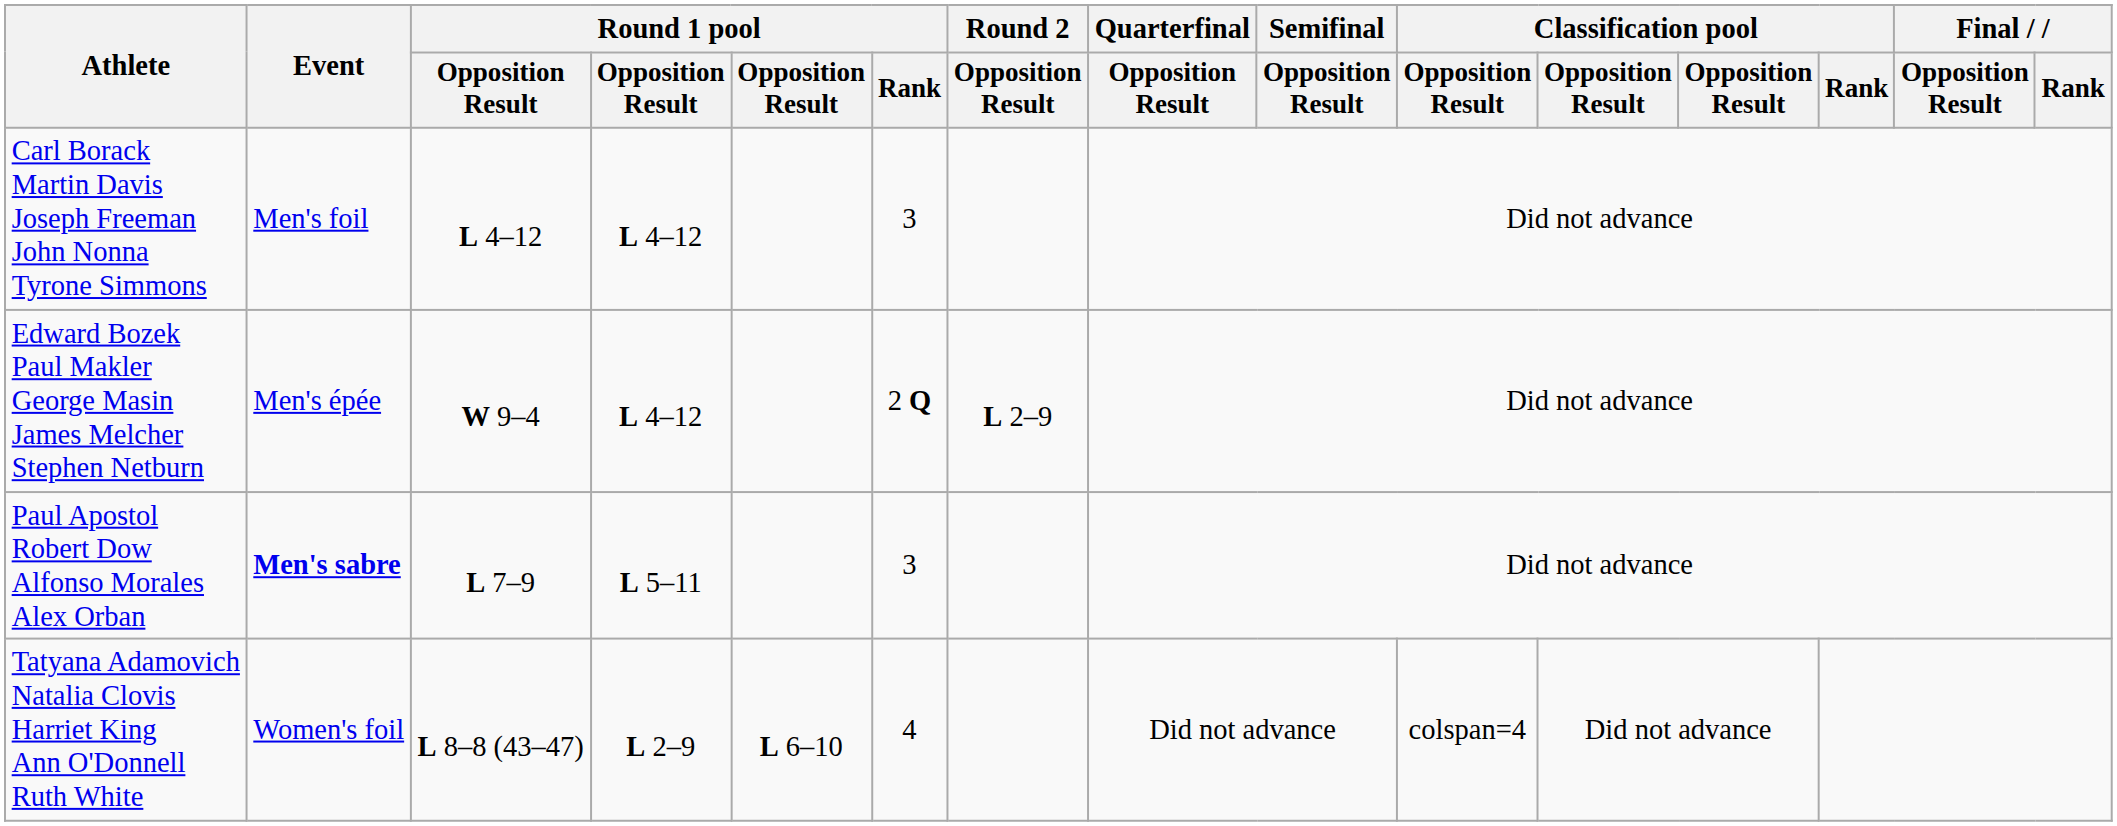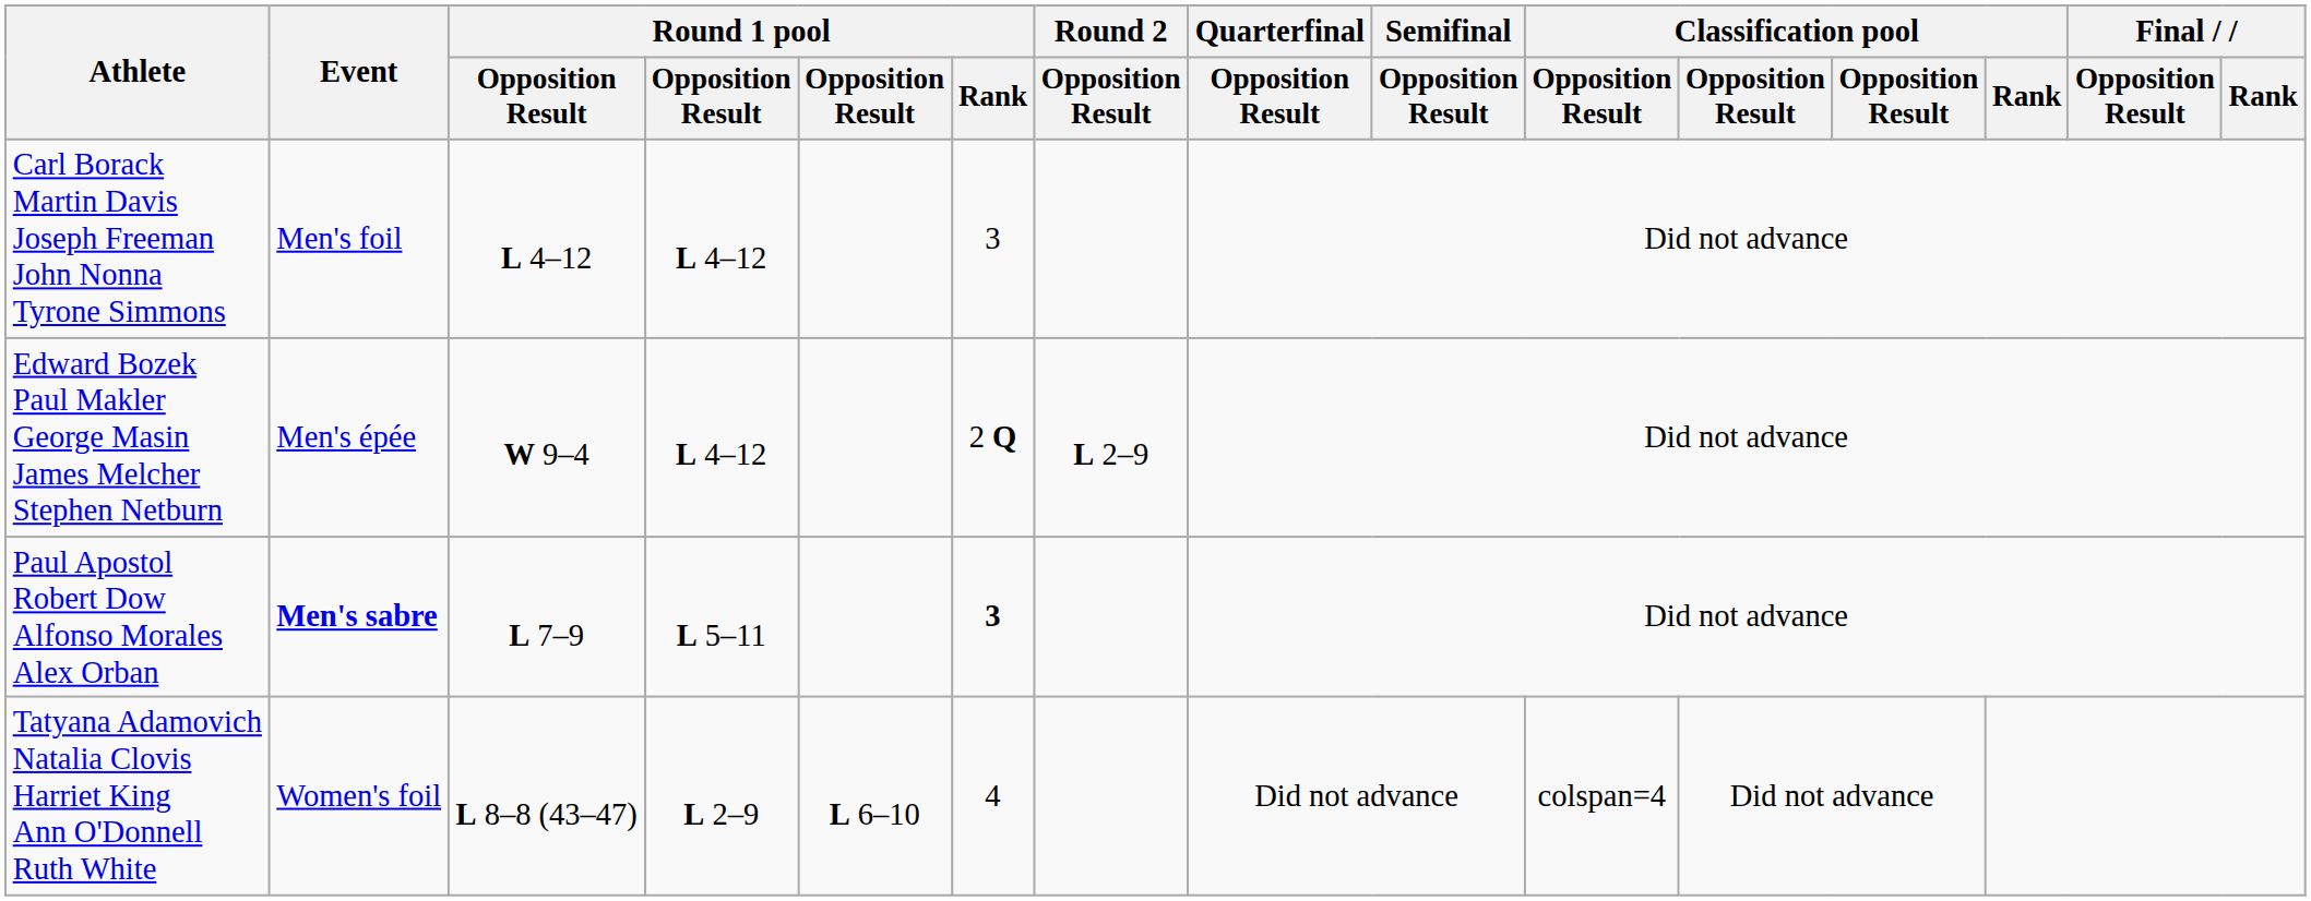 <table class=wikitable style=font-size:90%;text-align:center>
 <tr>
 <th rowspan=2>Athlete</th>
 <th rowspan=2>Event</th>
 <th colspan=4>Round 1 pool</th>
 <th>Round 2</th>
 <th>Quarterfinal</th>
 <th>Semifinal</th>
 <th colspan=4>Classification pool</th>
 <th colspan=2>Final /  / </th>
 </tr>
 <tr style=font-size:95%>
 <th>Opposition<br>Result</th>
 <th>Opposition<br>Result</th>
 <th>Opposition<br>Result</th>
 <th>Rank</th>
 <th>Opposition<br>Result</th>
 <th>Opposition<br>Result</th>
 <th>Opposition<br>Result</th>
 <th>Opposition<br>Result</th>
 <th>Opposition<br>Result</th>
 <th>Opposition<br>Result</th>
 <th>Rank</th>
 <th>Opposition<br>Result</th>
 <th>Rank</th>
 </tr>
 <tr>
 <td align=left><a href='#'>Carl Borack</a><br><a href='#'>Martin Davis</a><br><a href='#'>Joseph Freeman</a><br><a href='#'>John Nonna</a><br><a href='#'>Tyrone Simmons</a></td>
 <td align=left><a href='#'>Men's foil</a></td>
 <td><br><strong>L</strong> 4–12</td>
 <td><br><strong>L</strong> 4–12</td>
 <td></td>
 <td>3</td>
 <td></td>
 <td colspan=8>Did not advance</td>
 </tr>
 <tr>
 <td align=left><a href='#'>Edward Bozek</a><br><a href='#'>Paul Makler</a><br><a href='#'>George Masin</a><br><a href='#'>James Melcher</a><br><a href='#'>Stephen Netburn</a></td>
 <td align=left><a href='#'>Men's épée</a></td>
 <td><br><strong>W</strong> 9–4</td>
 <td><br><strong>L</strong> 4–12</td>
 <td></td>
 <td>2 <strong>Q</strong></td>
 <td><br><strong>L</strong> 2–9</td>
 <td colspan=8>Did not advance</td>
 </tr>
 <tr>
 <td align=left><a href='#'>Paul Apostol</a><br><a href='#'>Robert Dow</a><br><a href='#'>Alfonso Morales</a><br><a href='#'>Alex Orban</a></td>
 <td align=left><strong><a href='#'>Men's sabre</a></strong></td>
 <td><br><strong>L</strong> 7–9</td>
 <td><br><strong>L</strong> 5–11</td>
 <td></td>
-<td>3</td>
+<td><strong>3</strong></td>
 <td></td>
 <td colspan=8>Did not advance</td>
 </tr>
 <tr>
 <td align=left><a href='#'>Tatyana Adamovich</a><br><a href='#'>Natalia Clovis</a><br><a href='#'>Harriet King</a><br><a href='#'>Ann O'Donnell</a><br><a href='#'>Ruth White</a></td>
 <td align=left><a href='#'>Women's foil</a></td>
 <td><br><strong>L</strong> 8–8 (43–47)</td>
 <td><br><strong>L</strong> 2–9</td>
 <td><br><strong>L</strong> 6–10</td>
 <td>4</td>
 <td></td>
 <td colspan=2>Did not advance</td>
 <td>colspan=4 </td>
 <td colspan=2>Did not advance</td>
 </tr>
 </table>
